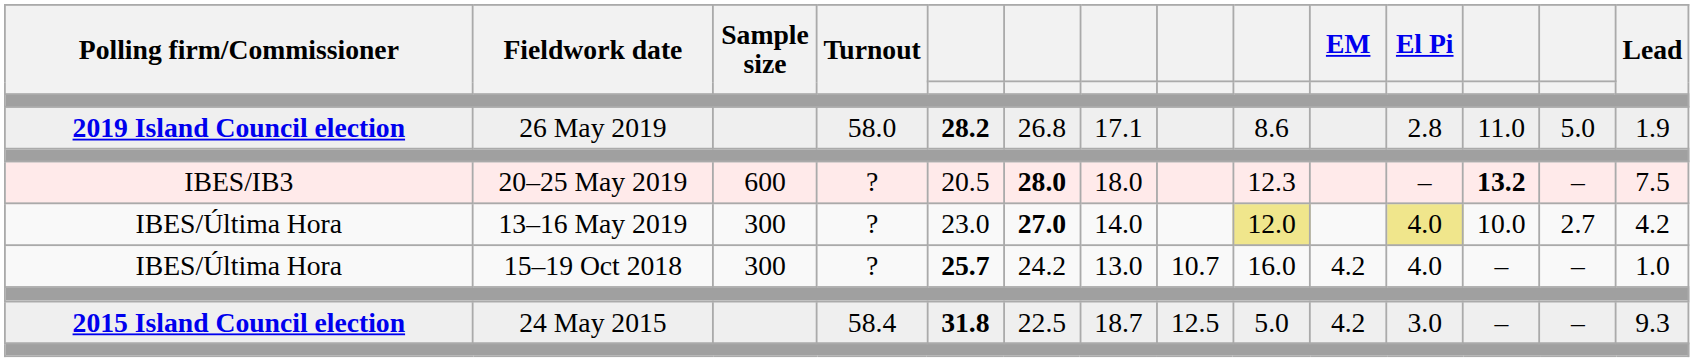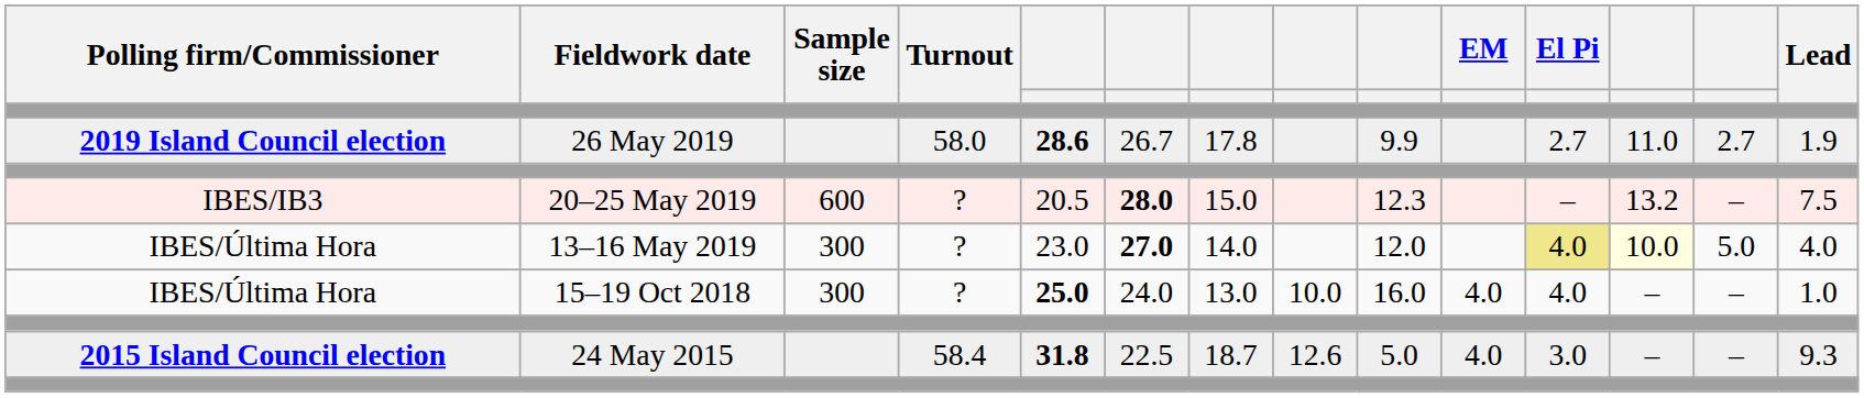 <table class="wikitable collapsible collapsed" style="text-align:center; font-size:95%; line-height:16px;">
 <tr style="height:42px;">
 <th style="width:250px;" rowspan="2">Polling firm/Commissioner</th>
 <th style="width:125px;" rowspan="2">Fieldwork date</th>
 <th style="width:50px;" rowspan="2">Sample size</th>
 <th style="width:45px;" rowspan="2">Turnout</th>
 <th style="width:35px;"></th>
 <th style="width:35px;"></th>
 <th style="width:35px;"></th>
 <th style="width:35px;"></th>
 <th style="width:35px;"></th>
 <th style="width:35px;"><a href='#'>EM</a></th>
 <th style="width:35px;"><a href='#'>El Pi</a></th>
 <th style="width:35px;"></th>
 <th style="width:35px;"></th>
 <th style="width:30px;" rowspan="2">Lead</th>
 </tr>
 <tr>
 <th style="color:inherit;background:"></th>
 <th style="color:inherit;background:"></th>
 <th style="color:inherit;background:"></th>
 <th style="color:inherit;background:"></th>
 <th style="color:inherit;background:"></th>
 <th style="color:inherit;background:"></th>
 <th style="color:inherit;background:"></th>
 <th style="color:inherit;background:"></th>
 <th style="color:inherit;background:"></th>
 </tr>
 <tr>
 <td colspan="14" style="background:#A0A0A0"></td>
 </tr>
 <tr style="background:#EFEFEF;">
 <td><strong><a href='#'>2019 Island Council election</a></strong></td>
 <td>26 May 2019</td>
 <td></td>
 <td>58.0</td>
-<td><strong>28.2</strong><br></td>
-<td>26.8<br></td>
-<td>17.1<br></td>
+<td><strong>28.6</strong><br></td>
+<td>26.7<br></td>
+<td>17.8<br></td>
 <td></td>
-<td>8.6<br></td>
+<td>9.9<br></td>
 <td></td>
-<td>2.8<br></td>
+<td>2.7<br></td>
 <td>11.0<br></td>
-<td>5.0<br></td>
+<td>2.7<br></td>
 <td style="background:">1.9</td>
 </tr>
 <tr>
 <td colspan="14" style="background:#A0A0A0"></td>
 </tr>
 <tr style="background:#FFEAEA;">
 <td>IBES/IB3</td>
 <td>20–25 May 2019</td>
 <td>600</td>
 <td>?</td>
 <td>20.5<br></td>
 <td><strong>28.0</strong><br></td>
-<td>18.0<br></td>
+<td>15.0<br></td>
 <td></td>
 <td>12.3<br></td>
 <td></td>
 <td>–</td>
-<td><strong>13.2<br></strong></td>
+<td>13.2<br></td>
 <td>–</td>
 <td style="background:">7.5</td>
 </tr>
 <tr>
 <td>IBES/Última Hora</td>
 <td>13–16 May 2019</td>
 <td>300</td>
 <td>?</td>
 <td>23.0<br></td>
 <td><strong>27.0</strong><br></td>
 <td>14.0<br></td>
 <td></td>
-<td style="background: khaki;">12.0<br></td>
+<td>12.0<br></td>
 <td></td>
 <td style="background: khaki;">4.0<br></td>
-<td>10.0<br></td>
-<td>2.7<br></td>
-<td style="background:">4.2</td>
+<td style="background: lightyellow;">10.0<br></td>
+<td>5.0<br></td>
+<td style="background:">4.0</td>
 </tr>
 <tr>
 <td>IBES/Última Hora</td>
 <td>15–19 Oct 2018</td>
 <td>300</td>
 <td>?</td>
-<td><strong>25.7</strong><br></td>
-<td>24.2<br></td>
+<td><strong>25.0</strong><br></td>
+<td>24.0<br></td>
 <td>13.0<br></td>
-<td>10.7<br></td>
+<td>10.0<br></td>
 <td>16.0<br></td>
-<td>4.2<br></td>
+<td>4.0<br></td>
 <td>4.0<br></td>
 <td>–</td>
 <td>–</td>
 <td style="background:">1.0</td>
 </tr>
 <tr>
 <td colspan="14" style="background:#A0A0A0"></td>
 </tr>
 <tr style="background:#EFEFEF;">
 <td><strong><a href='#'>2015 Island Council election</a></strong></td>
 <td>24 May 2015</td>
 <td></td>
 <td>58.4</td>
 <td><strong>31.8</strong><br></td>
 <td>22.5<br></td>
 <td>18.7<br></td>
-<td>12.5<br></td>
+<td>12.6<br></td>
 <td>5.0<br></td>
-<td>4.2<br></td>
+<td>4.0<br></td>
 <td>3.0<br></td>
 <td>–</td>
 <td>–</td>
 <td style="background:">9.3</td>
 </tr>
 <tr>
 <td colspan="14" style="background:#A0A0A0"></td>
 </tr>
 </table>
